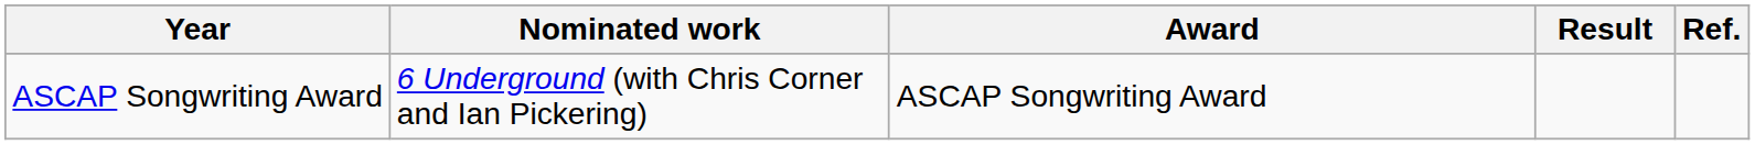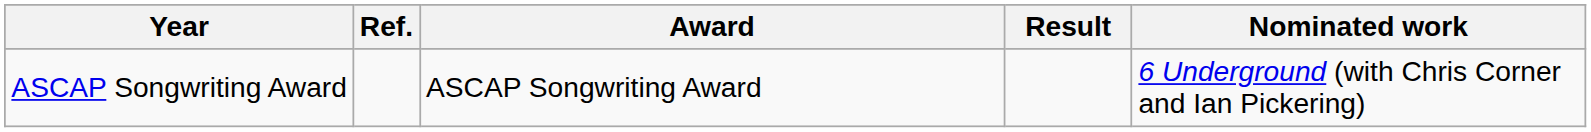 <table class="wikitable">
 <tr>
 <th>Year</th>
-<th width="250">Nominated work</th>
+<th>Ref.</th>
 <th width="325">Award</th>
 <th width="65">Result</th>
-<th>Ref.</th>
+<th width="250">Nominated work</th>
 </tr>
 <tr>
 <td><a href='#'>ASCAP</a> Songwriting Award</td>
-<td><em><a href='#'>6 Underground</a></em> (with Chris Corner and Ian Pickering)</td>
+<td style="text-align:center;"></td>
 <td>ASCAP Songwriting Award</td>
 <td></td>
-<td style="text-align:center;"></td>
+<td><em><a href='#'>6 Underground</a></em> (with Chris Corner and Ian Pickering)</td>
 </tr>
 </table>
